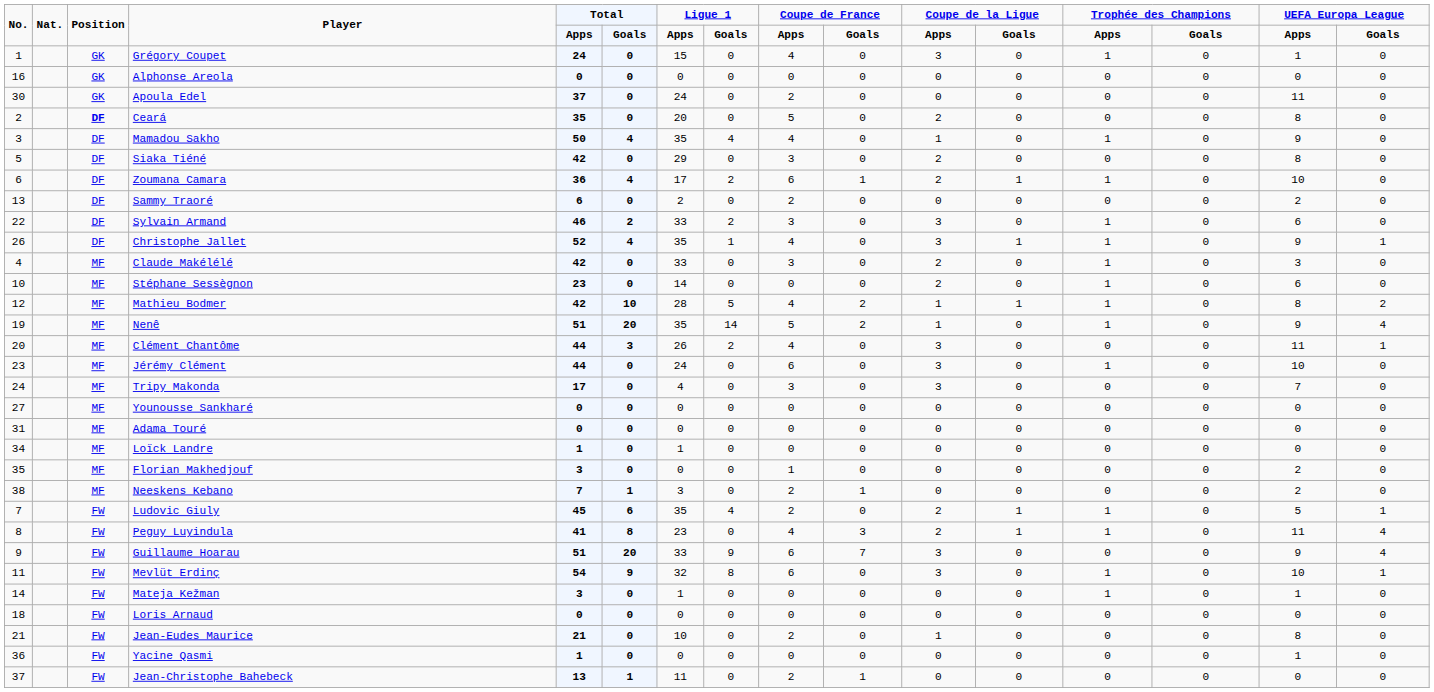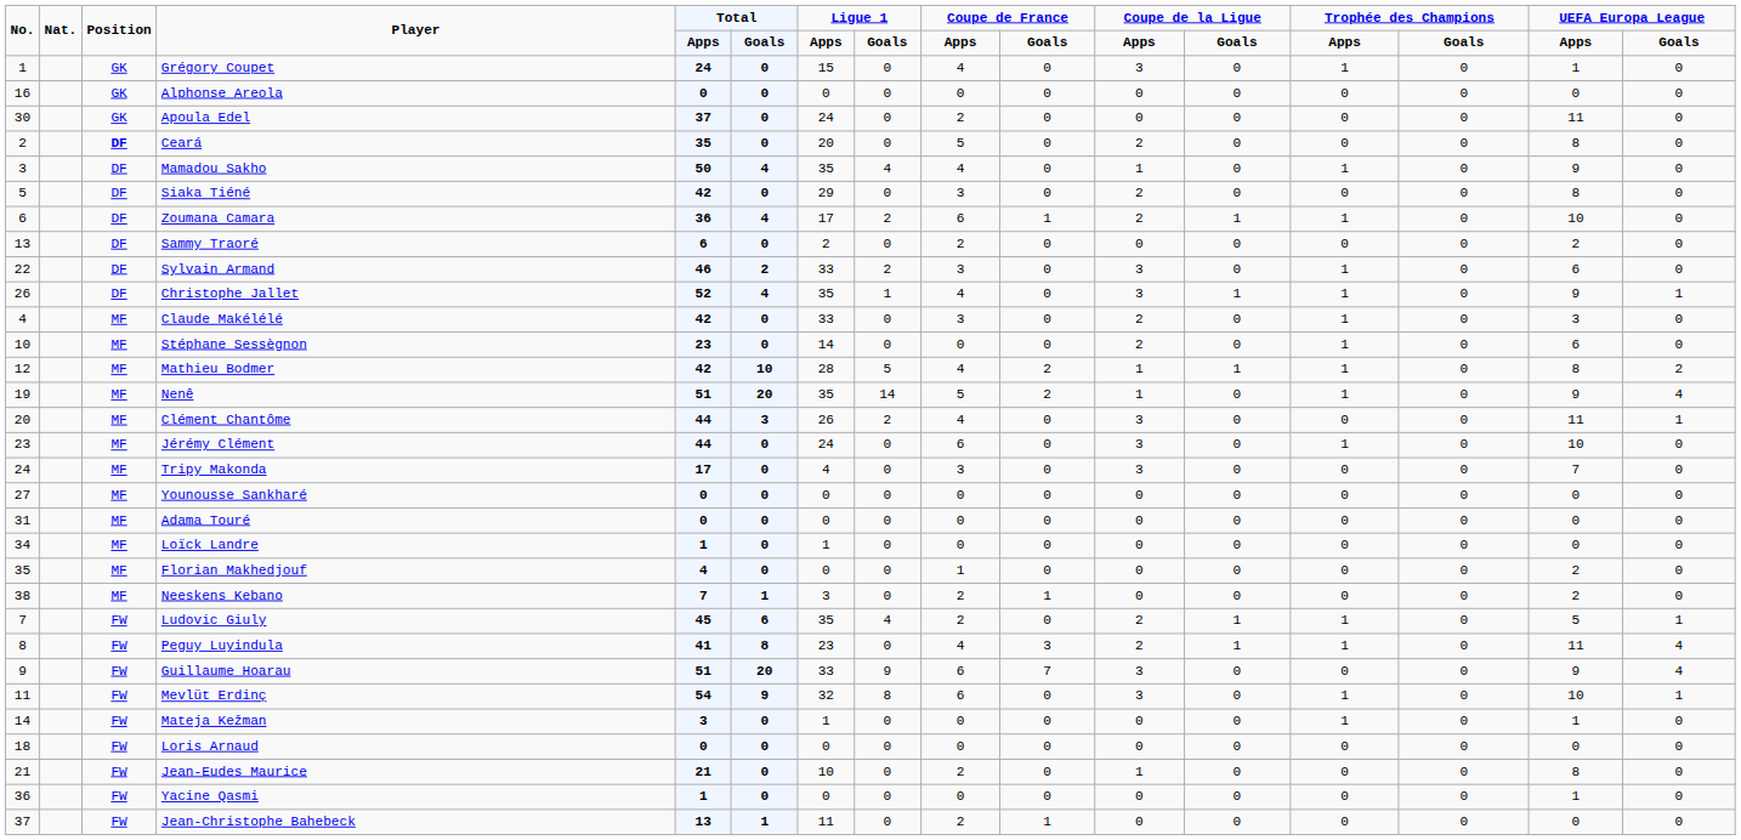 <table border="2" cellpadding="4" cellspacing="0" style="text-align:center; style=margin: 1em 1em 1em 0; background: #f9f9f9; border: 1px #aaa solid; border-collapse: collapse; font-size: 95%;">
 <tr>
 <th rowspan="2" width="1%">No.</th>
 <th rowspan="2" width="1%">Nat.</th>
 <th rowspan="2" width="1%">Position</th>
 <th rowspan="2" width="30%">Player</th>
 <th align="center" style="background:#f0f6ff;" colspan="2">Total</th>
 <th colspan="2"><a href='#'>Ligue 1</a></th>
 <th colspan="2"><a href='#'>Coupe de France</a></th>
 <th colspan="2"><a href='#'>Coupe de la Ligue</a></th>
 <th colspan="2"><a href='#'>Trophée des Champions</a></th>
 <th colspan="2"><a href='#'>UEFA Europa League</a></th>
 </tr>
 <tr>
 <th align="center" style="background:#f0f6ff;" colspan="1">Apps</th>
 <th align="center" style="background:#f0f6ff;" colspan="1">Goals</th>
 <th>Apps</th>
 <th>Goals</th>
 <th>Apps</th>
 <th>Goals</th>
 <th>Apps</th>
 <th>Goals</th>
 <th>Apps</th>
 <th>Goals</th>
 <th>Apps</th>
 <th>Goals</th>
 </tr>
 <tr>
 <td>1</td>
 <td></td>
 <td><a href='#'>GK</a></td>
 <td align=left><a href='#'>Grégory Coupet</a></td>
 <th align="center" style="background:#f0f6ff;" colspan=1>24</th>
 <th align="center" style="background:#f0f6ff;" colspan=1>0</th>
 <td>15</td>
 <td>0</td>
 <td>4</td>
 <td>0</td>
 <td>3</td>
 <td>0</td>
 <td>1</td>
 <td>0</td>
 <td>1</td>
 <td>0</td>
 </tr>
 <tr>
 <td>16</td>
 <td></td>
 <td><a href='#'>GK</a></td>
 <td align=left><a href='#'>Alphonse Areola</a></td>
 <th align="center" style="background:#f0f6ff;" colspan=1>0</th>
 <th align="center" style="background:#f0f6ff;" colspan=1>0</th>
 <td>0</td>
 <td>0</td>
 <td>0</td>
 <td>0</td>
 <td>0</td>
 <td>0</td>
 <td>0</td>
 <td>0</td>
 <td>0</td>
 <td>0</td>
 </tr>
 <tr>
 <td>30</td>
 <td></td>
 <td><a href='#'>GK</a></td>
 <td align=left><a href='#'>Apoula Edel</a></td>
 <th align="center" style="background:#f0f6ff;" colspan=1>37</th>
 <th align="center" style="background:#f0f6ff;" colspan=1>0</th>
 <td>24</td>
 <td>0</td>
 <td>2</td>
 <td>0</td>
 <td>0</td>
 <td>0</td>
 <td>0</td>
 <td>0</td>
 <td>11</td>
 <td>0</td>
 </tr>
 <tr>
 <td>2</td>
 <td></td>
 <td><strong><a href='#'>DF</a></strong></td>
 <td align=left><a href='#'>Ceará</a></td>
 <th align="center" style="background:#f0f6ff;" colspan=1>35</th>
 <th align="center" style="background:#f0f6ff;" colspan=1>0</th>
 <td>20</td>
 <td>0</td>
 <td>5</td>
 <td>0</td>
 <td>2</td>
 <td>0</td>
 <td>0</td>
 <td>0</td>
 <td>8</td>
 <td>0</td>
 </tr>
 <tr>
 <td>3</td>
 <td></td>
 <td><a href='#'>DF</a></td>
 <td align=left><a href='#'>Mamadou Sakho</a></td>
 <th align="center" style="background:#f0f6ff;" colspan=1>50</th>
 <th align="center" style="background:#f0f6ff;" colspan=1>4</th>
 <td>35</td>
 <td>4</td>
 <td>4</td>
 <td>0</td>
 <td>1</td>
 <td>0</td>
 <td>1</td>
 <td>0</td>
 <td>9</td>
 <td>0</td>
 </tr>
 <tr>
 <td>5</td>
 <td></td>
 <td><a href='#'>DF</a></td>
 <td align=left><a href='#'>Siaka Tiéné</a></td>
 <th align="center" style="background:#f0f6ff;" colspan=1>42</th>
 <th align="center" style="background:#f0f6ff;" colspan=1>0</th>
 <td>29</td>
 <td>0</td>
 <td>3</td>
 <td>0</td>
 <td>2</td>
 <td>0</td>
 <td>0</td>
 <td>0</td>
 <td>8</td>
 <td>0</td>
 </tr>
 <tr>
 <td>6</td>
 <td></td>
 <td><a href='#'>DF</a></td>
 <td align=left><a href='#'>Zoumana Camara</a></td>
 <th align="center" style="background:#f0f6ff;" colspan=1>36</th>
 <th align="center" style="background:#f0f6ff;" colspan=1>4</th>
 <td>17</td>
 <td>2</td>
 <td>6</td>
 <td>1</td>
 <td>2</td>
 <td>1</td>
 <td>1</td>
 <td>0</td>
 <td>10</td>
 <td>0</td>
 </tr>
 <tr>
 <td>13</td>
 <td></td>
 <td><a href='#'>DF</a></td>
 <td align=left><a href='#'>Sammy Traoré</a></td>
 <th align="center" style="background:#f0f6ff;" colspan=1>6</th>
 <th align="center" style="background:#f0f6ff;" colspan=1>0</th>
 <td>2</td>
 <td>0</td>
 <td>2</td>
 <td>0</td>
 <td>0</td>
 <td>0</td>
 <td>0</td>
 <td>0</td>
 <td>2</td>
 <td>0</td>
 </tr>
 <tr>
 <td>22</td>
 <td></td>
 <td><a href='#'>DF</a></td>
 <td align=left><a href='#'>Sylvain Armand</a></td>
 <th align="center" style="background:#f0f6ff;" colspan=1>46</th>
 <th align="center" style="background:#f0f6ff;" colspan=1>2</th>
 <td>33</td>
 <td>2</td>
 <td>3</td>
 <td>0</td>
 <td>3</td>
 <td>0</td>
 <td>1</td>
 <td>0</td>
 <td>6</td>
 <td>0</td>
 </tr>
 <tr>
 <td>26</td>
 <td></td>
 <td><a href='#'>DF</a></td>
 <td align=left><a href='#'>Christophe Jallet</a></td>
 <th align="center" style="background:#f0f6ff;" colspan=1>52</th>
 <th align="center" style="background:#f0f6ff;" colspan=1>4</th>
 <td>35</td>
 <td>1</td>
 <td>4</td>
 <td>0</td>
 <td>3</td>
 <td>1</td>
 <td>1</td>
 <td>0</td>
 <td>9</td>
 <td>1</td>
 </tr>
 <tr>
 <td>4</td>
 <td></td>
 <td><a href='#'>MF</a></td>
 <td align=left><a href='#'>Claude Makélélé</a></td>
 <th align="center" style="background:#f0f6ff;" colspan=1>42</th>
 <th align="center" style="background:#f0f6ff;" colspan=1>0</th>
 <td>33</td>
 <td>0</td>
 <td>3</td>
 <td>0</td>
 <td>2</td>
 <td>0</td>
 <td>1</td>
 <td>0</td>
 <td>3</td>
 <td>0</td>
 </tr>
 <tr>
 <td>10</td>
 <td></td>
 <td><a href='#'>MF</a></td>
 <td align=left><a href='#'>Stéphane Sessègnon</a></td>
 <th align="center" style="background:#f0f6ff;" colspan=1>23</th>
 <th align="center" style="background:#f0f6ff;" colspan=1>0</th>
 <td>14</td>
 <td>0</td>
 <td>0</td>
 <td>0</td>
 <td>2</td>
 <td>0</td>
 <td>1</td>
 <td>0</td>
 <td>6</td>
 <td>0</td>
 </tr>
 <tr>
 <td>12</td>
 <td></td>
 <td><a href='#'>MF</a></td>
 <td align=left><a href='#'>Mathieu Bodmer</a></td>
 <th align="center" style="background:#f0f6ff;" colspan=1>42</th>
 <th align="center" style="background:#f0f6ff;" colspan=1>10</th>
 <td>28</td>
 <td>5</td>
 <td>4</td>
 <td>2</td>
 <td>1</td>
 <td>1</td>
 <td>1</td>
 <td>0</td>
 <td>8</td>
 <td>2</td>
 </tr>
 <tr>
 <td>19</td>
 <td></td>
 <td><a href='#'>MF</a></td>
 <td align=left><a href='#'>Nenê</a></td>
 <th align="center" style="background:#f0f6ff;" colspan=1>51</th>
 <th align="center" style="background:#f0f6ff;" colspan=1>20</th>
 <td>35</td>
 <td>14</td>
 <td>5</td>
 <td>2</td>
 <td>1</td>
 <td>0</td>
 <td>1</td>
 <td>0</td>
 <td>9</td>
 <td>4</td>
 </tr>
 <tr>
 <td>20</td>
 <td></td>
 <td><a href='#'>MF</a></td>
 <td align=left><a href='#'>Clément Chantôme</a></td>
 <th align="center" style="background:#f0f6ff;" colspan=1>44</th>
 <th align="center" style="background:#f0f6ff;" colspan=1>3</th>
 <td>26</td>
 <td>2</td>
 <td>4</td>
 <td>0</td>
 <td>3</td>
 <td>0</td>
 <td>0</td>
 <td>0</td>
 <td>11</td>
 <td>1</td>
 </tr>
 <tr>
 <td>23</td>
 <td></td>
 <td><a href='#'>MF</a></td>
 <td align=left><a href='#'>Jérémy Clément</a></td>
 <th align="center" style="background:#f0f6ff;" colspan=1>44</th>
 <th align="center" style="background:#f0f6ff;" colspan=1>0</th>
 <td>24</td>
 <td>0</td>
 <td>6</td>
 <td>0</td>
 <td>3</td>
 <td>0</td>
 <td>1</td>
 <td>0</td>
 <td>10</td>
 <td>0</td>
 </tr>
 <tr>
 <td>24</td>
 <td></td>
 <td><a href='#'>MF</a></td>
 <td align=left><a href='#'>Tripy Makonda</a></td>
 <th align="center" style="background:#f0f6ff;" colspan=1>17</th>
 <th align="center" style="background:#f0f6ff;" colspan=1>0</th>
 <td>4</td>
 <td>0</td>
 <td>3</td>
 <td>0</td>
 <td>3</td>
 <td>0</td>
 <td>0</td>
 <td>0</td>
 <td>7</td>
 <td>0</td>
 </tr>
 <tr>
 <td>27</td>
 <td></td>
 <td><a href='#'>MF</a></td>
 <td align=left><a href='#'>Younousse Sankharé</a></td>
 <th align="center" style="background:#f0f6ff;" colspan=1>0</th>
 <th align="center" style="background:#f0f6ff;" colspan=1>0</th>
 <td>0</td>
 <td>0</td>
 <td>0</td>
 <td>0</td>
 <td>0</td>
 <td>0</td>
 <td>0</td>
 <td>0</td>
 <td>0</td>
 <td>0</td>
 </tr>
 <tr>
 <td>31</td>
 <td></td>
 <td><a href='#'>MF</a></td>
 <td align=left><a href='#'>Adama Touré</a></td>
 <th align="center" style="background:#f0f6ff;" colspan=1>0</th>
 <th align="center" style="background:#f0f6ff;" colspan=1>0</th>
 <td>0</td>
 <td>0</td>
 <td>0</td>
 <td>0</td>
 <td>0</td>
 <td>0</td>
 <td>0</td>
 <td>0</td>
 <td>0</td>
 <td>0</td>
 </tr>
 <tr>
 <td>34</td>
 <td></td>
 <td><a href='#'>MF</a></td>
 <td align=left><a href='#'>Loïck Landre</a></td>
 <th align="center" style="background:#f0f6ff;" colspan=1>1</th>
 <th align="center" style="background:#f0f6ff;" colspan=1>0</th>
 <td>1</td>
 <td>0</td>
 <td>0</td>
 <td>0</td>
 <td>0</td>
 <td>0</td>
 <td>0</td>
 <td>0</td>
 <td>0</td>
 <td>0</td>
 </tr>
 <tr>
 <td>35</td>
 <td></td>
 <td><a href='#'>MF</a></td>
 <td align=left><a href='#'>Florian Makhedjouf</a></td>
-<th align="center" style="background:#f0f6ff;" colspan=1>3</th>
+<th align="center" style="background:#f0f6ff;" colspan=1>4</th>
 <th align="center" style="background:#f0f6ff;" colspan=1>0</th>
 <td>0</td>
 <td>0</td>
 <td>1</td>
 <td>0</td>
 <td>0</td>
 <td>0</td>
 <td>0</td>
 <td>0</td>
 <td>2</td>
 <td>0</td>
 </tr>
 <tr>
 <td>38</td>
 <td></td>
 <td><a href='#'>MF</a></td>
 <td align=left><a href='#'>Neeskens Kebano</a></td>
 <th align="center" style="background:#f0f6ff;" colspan=1>7</th>
 <th align="center" style="background:#f0f6ff;" colspan=1>1</th>
 <td>3</td>
 <td>0</td>
 <td>2</td>
 <td>1</td>
 <td>0</td>
 <td>0</td>
 <td>0</td>
 <td>0</td>
 <td>2</td>
 <td>0</td>
 </tr>
 <tr>
 <td>7</td>
 <td></td>
 <td><a href='#'>FW</a></td>
 <td align=left><a href='#'>Ludovic Giuly</a></td>
 <th align="center" style="background:#f0f6ff;" colspan=1>45</th>
 <th align="center" style="background:#f0f6ff;" colspan=1>6</th>
 <td>35</td>
 <td>4</td>
 <td>2</td>
 <td>0</td>
 <td>2</td>
 <td>1</td>
 <td>1</td>
 <td>0</td>
 <td>5</td>
 <td>1</td>
 </tr>
 <tr>
 <td>8</td>
 <td></td>
 <td><a href='#'>FW</a></td>
 <td align=left><a href='#'>Peguy Luyindula</a></td>
 <th align="center" style="background:#f0f6ff;" colspan=1>41</th>
 <th align="center" style="background:#f0f6ff;" colspan=1>8</th>
 <td>23</td>
 <td>0</td>
 <td>4</td>
 <td>3</td>
 <td>2</td>
 <td>1</td>
 <td>1</td>
 <td>0</td>
 <td>11</td>
 <td>4</td>
 </tr>
 <tr>
 <td>9</td>
 <td></td>
 <td><a href='#'>FW</a></td>
 <td align=left><a href='#'>Guillaume Hoarau</a></td>
 <th align="center" style="background:#f0f6ff;" colspan=1>51</th>
 <th align="center" style="background:#f0f6ff;" colspan=1>20</th>
 <td>33</td>
 <td>9</td>
 <td>6</td>
 <td>7</td>
 <td>3</td>
 <td>0</td>
 <td>0</td>
 <td>0</td>
 <td>9</td>
 <td>4</td>
 </tr>
 <tr>
 <td>11</td>
 <td></td>
 <td><a href='#'>FW</a></td>
 <td align=left><a href='#'>Mevlüt Erdinç</a></td>
 <th align="center" style="background:#f0f6ff;" colspan=1>54</th>
 <th align="center" style="background:#f0f6ff;" colspan=1>9</th>
 <td>32</td>
 <td>8</td>
 <td>6</td>
 <td>0</td>
 <td>3</td>
 <td>0</td>
 <td>1</td>
 <td>0</td>
 <td>10</td>
 <td>1</td>
 </tr>
 <tr>
 <td>14</td>
 <td></td>
 <td><a href='#'>FW</a></td>
 <td align=left><a href='#'>Mateja Kežman</a></td>
 <th align="center" style="background:#f0f6ff;" colspan=1>3</th>
 <th align="center" style="background:#f0f6ff;" colspan=1>0</th>
 <td>1</td>
 <td>0</td>
 <td>0</td>
 <td>0</td>
 <td>0</td>
 <td>0</td>
 <td>1</td>
 <td>0</td>
 <td>1</td>
 <td>0</td>
 </tr>
 <tr>
 <td>18</td>
 <td></td>
 <td><a href='#'>FW</a></td>
 <td align=left><a href='#'>Loris Arnaud</a></td>
 <th align="center" style="background:#f0f6ff;" colspan=1>0</th>
 <th align="center" style="background:#f0f6ff;" colspan=1>0</th>
 <td>0</td>
 <td>0</td>
 <td>0</td>
 <td>0</td>
 <td>0</td>
 <td>0</td>
 <td>0</td>
 <td>0</td>
 <td>0</td>
 <td>0</td>
 </tr>
 <tr>
 <td>21</td>
 <td></td>
 <td><a href='#'>FW</a></td>
 <td align=left><a href='#'>Jean-Eudes Maurice</a></td>
 <th align="center" style="background:#f0f6ff;" colspan=1>21</th>
 <th align="center" style="background:#f0f6ff;" colspan=1>0</th>
 <td>10</td>
 <td>0</td>
 <td>2</td>
 <td>0</td>
 <td>1</td>
 <td>0</td>
 <td>0</td>
 <td>0</td>
 <td>8</td>
 <td>0</td>
 </tr>
 <tr>
 <td>36</td>
 <td></td>
 <td><a href='#'>FW</a></td>
 <td align=left><a href='#'>Yacine Qasmi</a></td>
 <th align="center" style="background:#f0f6ff;" colspan=1>1</th>
 <th align="center" style="background:#f0f6ff;" colspan=1>0</th>
 <td>0</td>
 <td>0</td>
 <td>0</td>
 <td>0</td>
 <td>0</td>
 <td>0</td>
 <td>0</td>
 <td>0</td>
 <td>1</td>
 <td>0</td>
 </tr>
 <tr>
 <td>37</td>
 <td></td>
 <td><a href='#'>FW</a></td>
 <td align=left><a href='#'>Jean-Christophe Bahebeck</a></td>
 <th align="center" style="background:#f0f6ff;" colspan=1>13</th>
 <th align="center" style="background:#f0f6ff;" colspan=1>1</th>
 <td>11</td>
 <td>0</td>
 <td>2</td>
 <td>1</td>
 <td>0</td>
 <td>0</td>
 <td>0</td>
 <td>0</td>
 <td>0</td>
 <td>0</td>
 </tr>
 </table>
